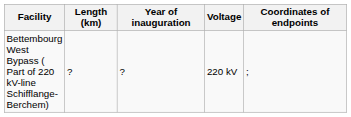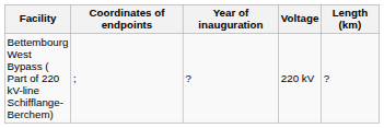 <table class="wikitable sortable" width="90%">
 <tr bgcolor="#dfdfdf">
 <th width="17%">Facility</th>
-<th>Length (km)</th>
+<th>Coordinates of endpoints</th>
 <th>Year of inauguration</th>
 <th>Voltage</th>
-<th>Coordinates of endpoints</th>
+<th>Length (km)</th>
 </tr>
 <tr>
 <td>Bettembourg West Bypass ( Part of 220 kV-line Schifflange-Berchem)</td>
-<td>?</td>
+<td> ; </td>
 <td>?</td>
 <td>220 kV</td>
-<td> ; </td>
+<td>?</td>
 </tr>
 </table>
